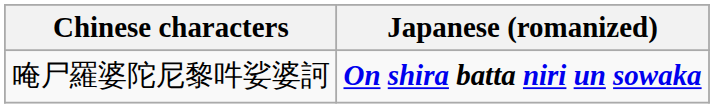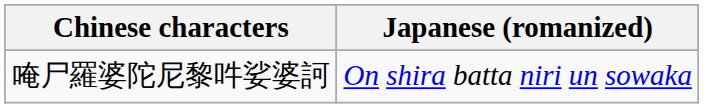 <table class="wikitable">
 <tr>
 <th>Chinese characters</th>
 <th>Japanese (romanized)</th>
 </tr>
 <tr>
 <td>唵尸羅婆陀尼黎吽娑婆訶</td>
-<td><strong><em><a href='#'>On</a> <a href='#'>shira</a> batta <a href='#'>niri</a> <a href='#'>un</a> <a href='#'>sowaka</a></em></strong></td>
+<td><em><a href='#'>On</a> <a href='#'>shira</a> batta <a href='#'>niri</a> <a href='#'>un</a> <a href='#'>sowaka</a></em></td>
 </tr>
 </table>
